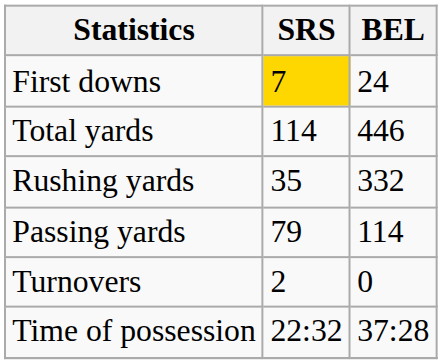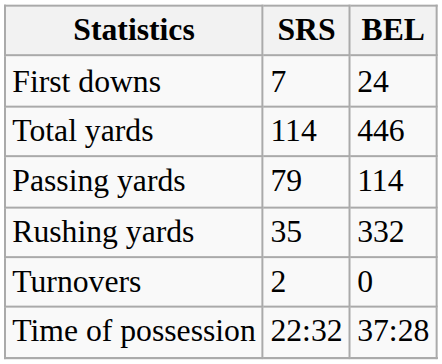 <table class="wikitable" style="float: left;">
 <tr>
 <th>Statistics</th>
 <th>SRS</th>
 <th>BEL</th>
 </tr>
 <tr>
 <td>First downs</td>
-<td style="background: gold;">7</td>
+<td>7</td>
 <td>24</td>
 </tr>
 <tr>
 <td>Total yards</td>
 <td>114</td>
 <td>446</td>
 </tr>
 <tr>
+<td>Passing yards</td>
+<td>79</td>
+<td>114</td>
+</tr>
+<tr>
 <td>Rushing yards</td>
 <td>35</td>
 <td>332</td>
-</tr>
-<tr>
-<td>Passing yards</td>
-<td>79</td>
-<td>114</td>
 </tr>
 <tr>
 <td>Turnovers</td>
 <td>2</td>
 <td>0</td>
 </tr>
 <tr>
 <td>Time of possession</td>
 <td>22:32</td>
 <td>37:28</td>
 </tr>
 <tr>
 </tr>
 </table>
